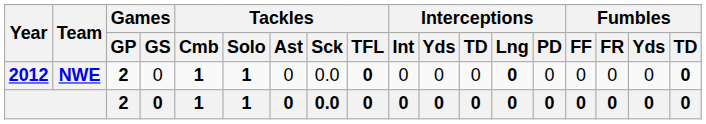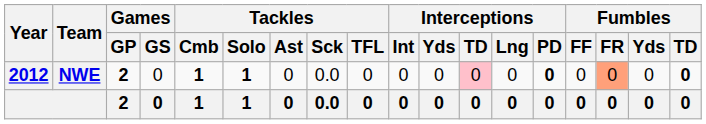 <table class="wikitable" style="text-align:center">
 <tr>
 <th rowspan="2">Year</th>
 <th rowspan="2">Team</th>
 <th colspan="2">Games</th>
 <th colspan="5">Tackles</th>
 <th colspan="5">Interceptions</th>
 <th colspan="4">Fumbles</th>
 </tr>
 <tr>
 <th>GP</th>
 <th>GS</th>
 <th>Cmb</th>
 <th>Solo</th>
 <th>Ast</th>
 <th>Sck</th>
 <th>TFL</th>
 <th>Int</th>
 <th>Yds</th>
 <th>TD</th>
 <th>Lng</th>
 <th>PD</th>
 <th>FF</th>
 <th>FR</th>
 <th>Yds</th>
 <th>TD</th>
 </tr>
 <tr>
 <th><a href='#'>2012</a></th>
 <th><a href='#'>NWE</a></th>
 <td><strong>2</strong></td>
 <td>0</td>
 <td><strong>1</strong></td>
 <td><strong>1</strong></td>
 <td>0</td>
 <td>0.0</td>
-<td><strong>0</strong></td>
 <td>0</td>
 <td>0</td>
 <td>0</td>
+<td style="background: pink;">0</td>
+<td>0</td>
 <td><strong>0</strong></td>
 <td>0</td>
-<td>0</td>
-<td>0</td>
+<td style="background: lightsalmon;">0</td>
 <td>0</td>
 <td><strong>0</strong></td>
 </tr>
 <tr>
 <th colspan="2"></th>
 <th>2</th>
 <th>0</th>
 <th>1</th>
 <th>1</th>
 <th>0</th>
 <th>0.0</th>
 <th>0</th>
 <th>0</th>
 <th>0</th>
 <th>0</th>
 <th>0</th>
 <th>0</th>
 <th>0</th>
 <th>0</th>
 <th>0</th>
 <th>0</th>
 </tr>
 </table>
